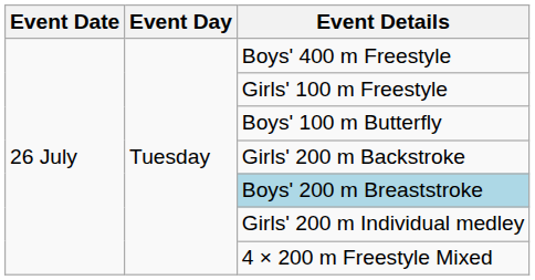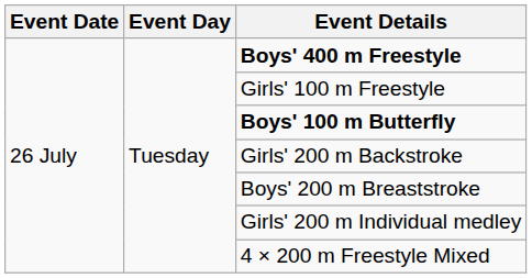 <table class="wikitable">
 <tr>
 <th>Event Date</th>
 <th>Event Day</th>
 <th>Event Details</th>
 </tr>
 <tr>
 <td rowspan=7>26 July</td>
 <td rowspan=7>Tuesday</td>
-<td>Boys' 400 m Freestyle</td>
+<td><strong>Boys' 400 m Freestyle</strong></td>
 </tr>
 <tr>
 <td>Girls' 100 m Freestyle</td>
 </tr>
 <tr>
-<td>Boys' 100 m Butterfly</td>
+<td><strong>Boys' 100 m Butterfly</strong></td>
 </tr>
 <tr>
 <td>Girls' 200 m Backstroke</td>
 </tr>
 <tr>
-<td style="background: lightblue;">Boys' 200 m Breaststroke</td>
+<td>Boys' 200 m Breaststroke</td>
 </tr>
 <tr>
 <td>Girls' 200 m Individual medley</td>
 </tr>
 <tr>
 <td>4 × 200 m Freestyle Mixed</td>
 </tr>
 </table>
